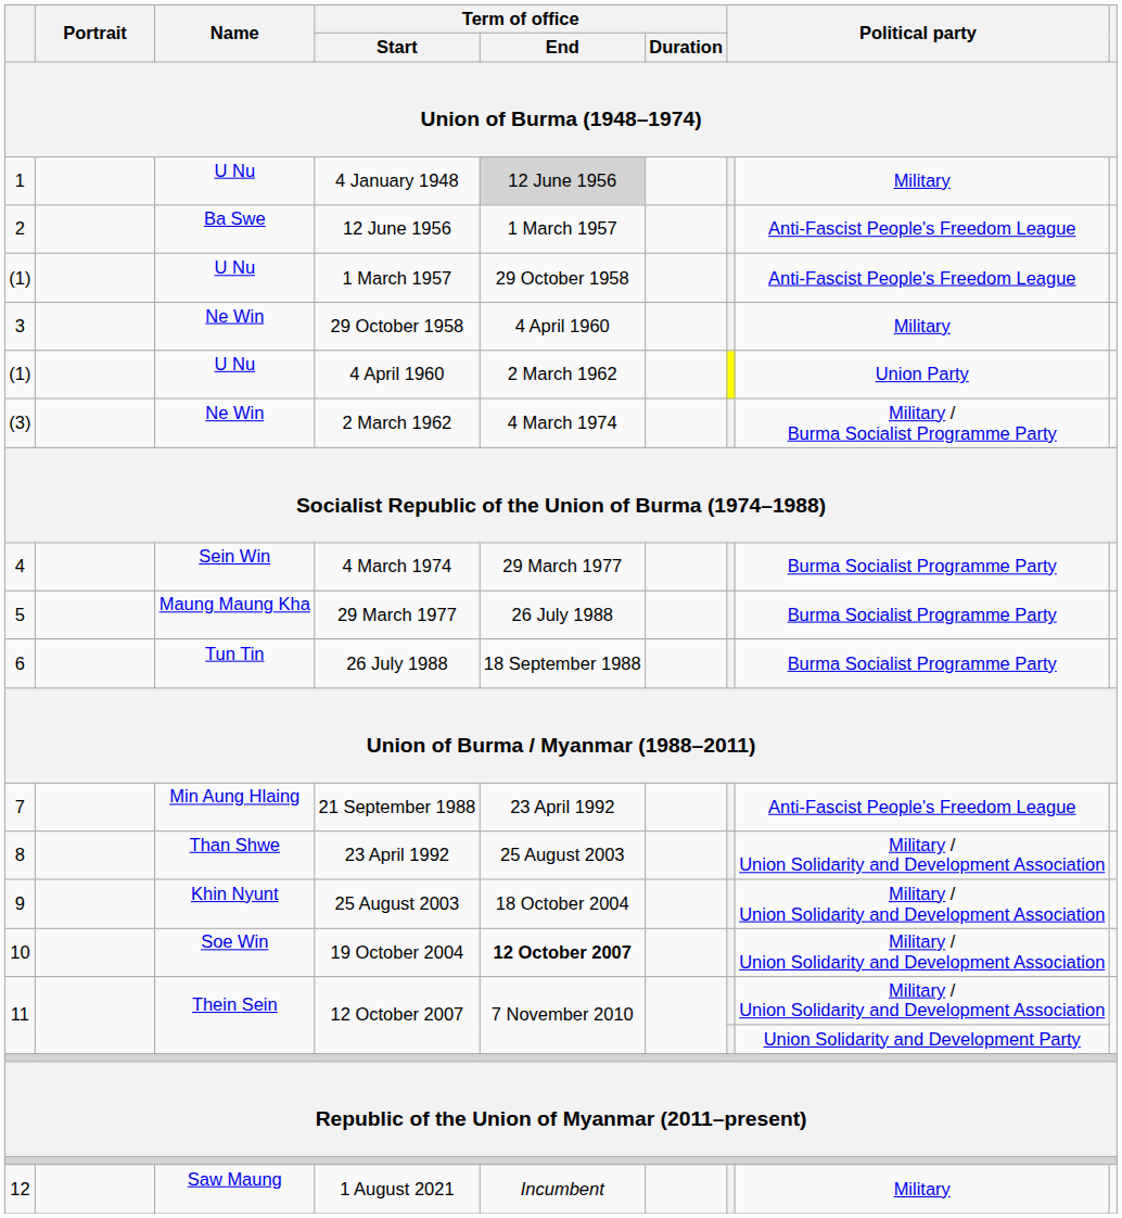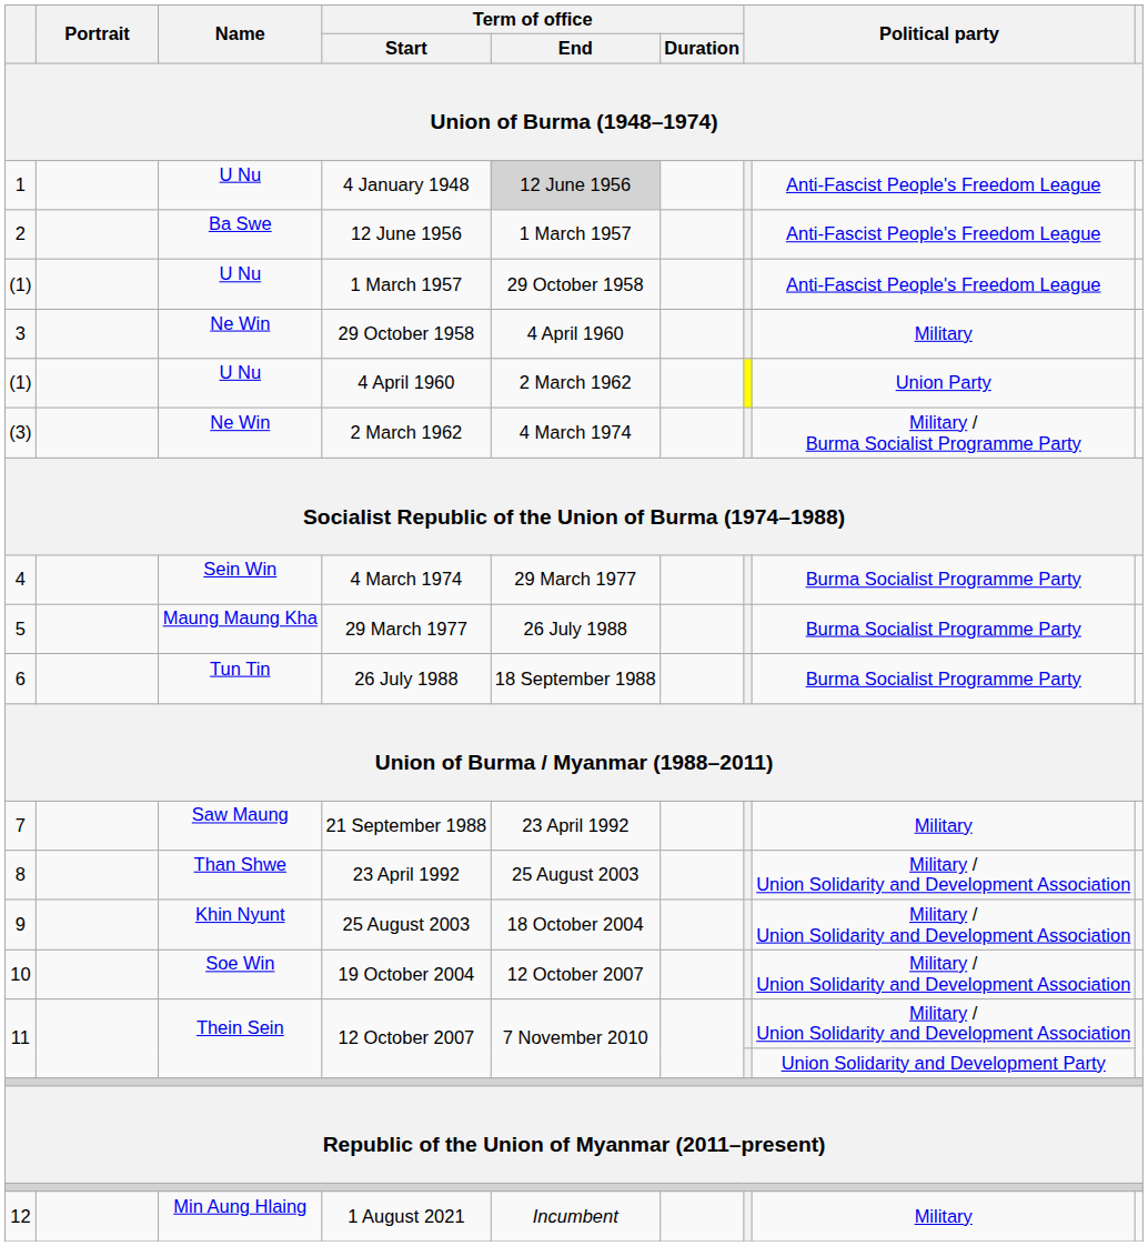 <table class="wikitable" style="text-align:center;">
 <tr>
 <th rowspan=2></th>
 <th rowspan=2 width=100>Portrait</th>
 <th rowspan=2>Name<br></th>
 <th colspan=3>Term of office</th>
 <th colspan=2 rowspan=2>Political party</th>
 <th rowspan=2></th>
 </tr>
 <tr>
 <th>Start</th>
 <th>End</th>
 <th>Duration</th>
 </tr>
 <tr>
 <th colspan="9"><br><h3>Union of Burma (1948–1974)</h3></th>
 </tr>
 <tr>
 <td>1</td>
 <td></td>
 <td><a href='#'>U Nu</a><br><br></td>
 <td>4 January 1948</td>
 <td style="background: lightgrey;">12 June 1956<br></td>
 <td></td>
 <th style="background:"></th>
-<td><a href='#'>Military</a></td>
+<td><a href='#'>Anti-Fascist People's Freedom League</a></td>
 <td></td>
 </tr>
 <tr>
 <td>2</td>
 <td></td>
 <td><a href='#'>Ba Swe</a><br><br></td>
 <td>12 June 1956</td>
 <td>1 March 1957</td>
 <td></td>
 <th style="background:"></th>
 <td><a href='#'>Anti-Fascist People's Freedom League</a></td>
 <td></td>
 </tr>
 <tr>
 <td>(1)</td>
 <td></td>
 <td><a href='#'>U Nu</a><br><br></td>
 <td>1 March 1957</td>
 <td>29 October 1958</td>
 <td></td>
 <th style="background:"></th>
 <td><a href='#'>Anti-Fascist People's Freedom League</a></td>
 <td></td>
 </tr>
 <tr>
 <td>3</td>
 <td></td>
 <td><a href='#'>Ne Win</a><br><br></td>
 <td>29 October 1958</td>
 <td>4 April 1960</td>
 <td></td>
 <th style="background:"></th>
 <td><a href='#'>Military</a></td>
 <td></td>
 </tr>
 <tr>
 <td>(1)</td>
 <td></td>
 <td><a href='#'>U Nu</a><br><br></td>
 <td>4 April 1960</td>
 <td>2 March 1962<br></td>
 <td></td>
 <th style="background:Yellow;"></th>
 <td><a href='#'>Union Party</a><br></td>
 <td></td>
 </tr>
 <tr>
 <td>(3)</td>
 <td></td>
 <td><a href='#'>Ne Win</a><br><br></td>
 <td>2 March 1962</td>
 <td>4 March 1974</td>
 <td></td>
 <th style="background:"></th>
 <td><a href='#'>Military</a> / <br> <a href='#'>Burma Socialist Programme Party</a></td>
 <td></td>
 </tr>
 <tr>
 <th colspan="9"><br><h3>Socialist Republic of the Union of Burma (1974–1988)</h3></th>
 </tr>
 <tr>
 <td>4</td>
 <td></td>
 <td><a href='#'>Sein Win</a><br><br></td>
 <td>4 March 1974</td>
 <td>29 March 1977</td>
 <td></td>
 <th style="background:"></th>
 <td><a href='#'>Burma Socialist Programme Party</a></td>
 <td></td>
 </tr>
 <tr>
 <td>5</td>
 <td></td>
 <td><a href='#'>Maung Maung Kha</a><br><br></td>
 <td>29 March 1977</td>
 <td>26 July 1988<br></td>
 <td></td>
 <th style="background:"></th>
 <td><a href='#'>Burma Socialist Programme Party</a></td>
 <td></td>
 </tr>
 <tr>
 <td>6</td>
 <td></td>
 <td><a href='#'>Tun Tin</a><br><br></td>
 <td>26 July 1988</td>
 <td>18 September 1988<br></td>
 <td></td>
 <th style="background:"></th>
 <td><a href='#'>Burma Socialist Programme Party</a></td>
 <td></td>
 </tr>
 <tr>
 <th colspan="9"><br><h3>Union of Burma / Myanmar (1988–2011)</h3></th>
 </tr>
 <tr>
 <td>7</td>
 <td></td>
-<td><a href='#'>Min Aung Hlaing</a><br><br></td>
+<td><a href='#'>Saw Maung</a><br><br></td>
 <td>21 September 1988</td>
 <td>23 April 1992<br></td>
 <td></td>
 <th style="background:"></th>
-<td><a href='#'>Anti-Fascist People's Freedom League</a></td>
+<td><a href='#'>Military</a></td>
 <td></td>
 </tr>
 <tr>
 <td>8</td>
 <td></td>
 <td><a href='#'>Than Shwe</a><br><br></td>
 <td>23 April 1992</td>
 <td>25 August 2003</td>
 <td></td>
 <th style="background:"></th>
 <td><a href='#'>Military</a> / <br> <a href='#'>Union Solidarity and Development Association</a></td>
 <td></td>
 </tr>
 <tr>
 <td>9</td>
 <td></td>
 <td><a href='#'>Khin Nyunt</a><br><br></td>
 <td>25 August 2003</td>
 <td>18 October 2004<br></td>
 <td></td>
 <th style="background:"></th>
 <td><a href='#'>Military</a> / <br> <a href='#'>Union Solidarity and Development Association</a></td>
 <td></td>
 </tr>
 <tr>
 <td>10</td>
 <td></td>
 <td><a href='#'>Soe Win</a><br><br></td>
 <td>19 October 2004</td>
-<td><strong>12 October 2007<br></strong></td>
+<td>12 October 2007<br></td>
 <td></td>
 <th style="background:"></th>
 <td><a href='#'>Military</a> / <br> <a href='#'>Union Solidarity and Development Association</a></td>
 <td></td>
 </tr>
 <tr>
 <td rowspan="2">11</td>
 <td rowspan="2"></td>
 <td rowspan="2"><a href='#'>Thein Sein</a><br><br></td>
 <td rowspan="2">12 October 2007</td>
 <td rowspan="2">7 November 2010</td>
 <td rowspan="2"></td>
 <th style="background:"></th>
 <td><a href='#'>Military</a> / <br> <a href='#'>Union Solidarity and Development Association</a><br></td>
 <td rowspan="2"></td>
 </tr>
 <tr>
 <th style="background:"></th>
 <td><a href='#'>Union Solidarity and Development Party</a><br></td>
 </tr>
 <tr>
 <td colspan="9" bgcolor="lightgrey"></td>
 </tr>
 <tr>
 <th colspan="9"><br><h3>Republic of the Union of Myanmar (2011–present)</h3></th>
 </tr>
 <tr>
 <td colspan="9" bgcolor="lightgrey"></td>
 </tr>
 <tr>
 <td>12</td>
 <td></td>
-<td><a href='#'>Saw Maung</a><br><br></td>
+<td><a href='#'>Min Aung Hlaing</a><br><br></td>
 <td>1 August 2021</td>
 <td><em>Incumbent</em></td>
 <td></td>
 <th style="background:"></th>
 <td><a href='#'>Military</a></td>
 <td></td>
 </tr>
 </table>
